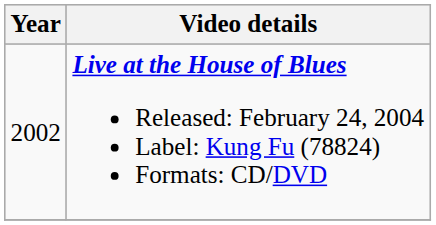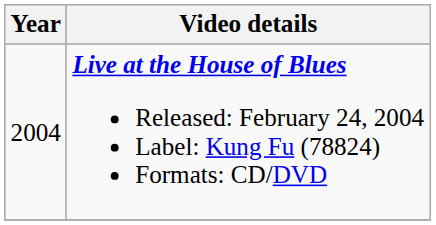 <table class ="wikitable">
 <tr>
 <th>Year</th>
 <th>Video details</th>
 </tr>
 <tr>
-<td>2002</td>
+<td>2004</td>
 <td><strong><em><a href='#'>Live at the House of Blues</a></em></strong><br><ul><li>Released: February 24, 2004</li><li>Label: <a href='#'>Kung Fu</a> (78824)</li><li>Formats: CD/<a href='#'>DVD</a></li></ul></td>
 </tr>
 <tr>
 </tr>
 </table>
